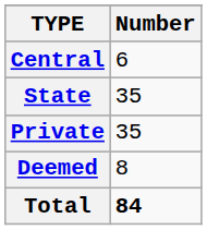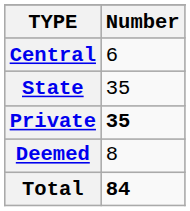 <table class = "wikitable sortable collapsible plainrowheaders">
 <tr>
 </tr>
 <tr>
 <th scope="col">TYPE</th>
 <th scope="col">Number</th>
 </tr>
 <tr>
 <th scope="row"><a href='#'>Central</a></th>
 <td>6</td>
 </tr>
 <tr>
 <th scope="row"><a href='#'>State</a></th>
 <td>35</td>
 </tr>
 <tr>
 <th scope="row"><a href='#'>Private</a></th>
-<td>35</td>
+<td><strong>35</strong></td>
 </tr>
 <tr>
 <th scope="row"><a href='#'>Deemed</a></th>
 <td>8</td>
 </tr>
 <tr>
 <th scope="row"><strong>Total</strong></th>
 <td><strong>84</strong></td>
 </tr>
 </table>
